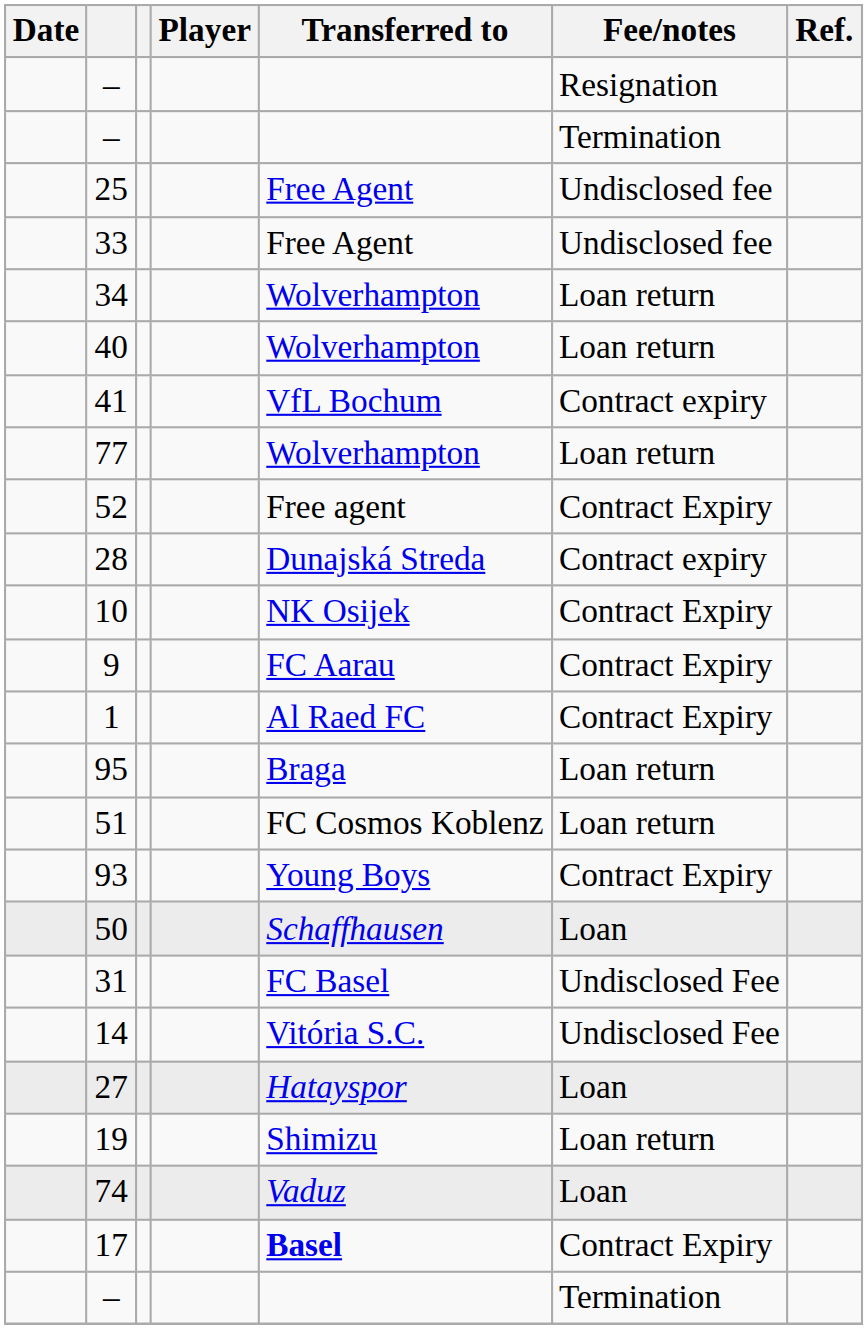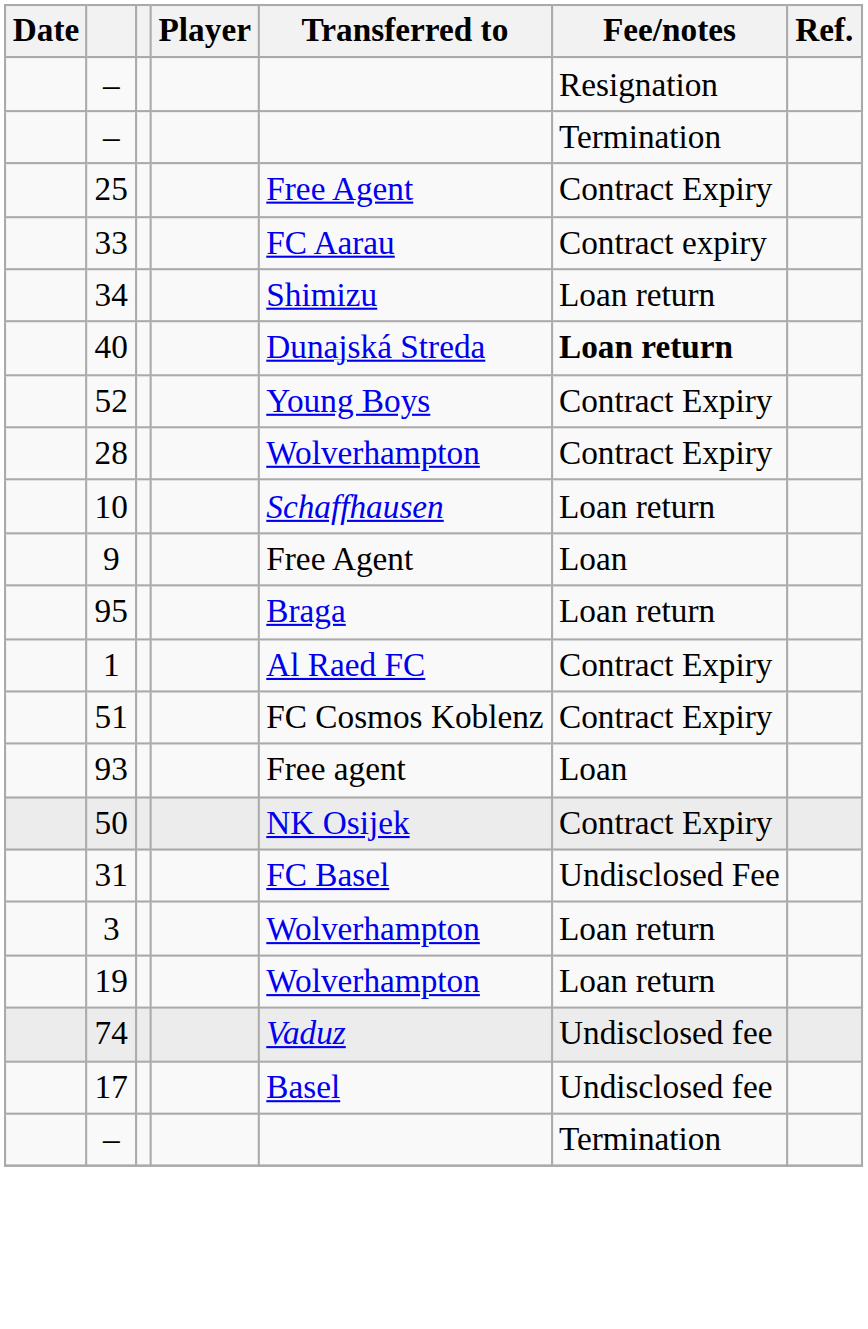 <table class="wikitable plainrowheaders sortable">
 <tr>
 <th scope=col>Date</th>
 <th></th>
 <th></th>
 <th scope=col>Player</th>
 <th>Transferred to</th>
 <th !scope=col>Fee/notes</th>
 <th scope=col>Ref.</th>
 </tr>
 <tr>
 <td></td>
 <td align=center>–</td>
 <td align=center></td>
 <td></td>
 <td></td>
 <td>Resignation</td>
 <td></td>
 </tr>
 <tr>
 <td></td>
 <td align=center>–</td>
 <td align=center></td>
 <td></td>
 <td></td>
 <td>Termination</td>
 <td></td>
 </tr>
 <tr>
 <td></td>
 <td align=center>25</td>
 <td align=center></td>
 <td></td>
 <td> <a href='#'>Free Agent</a></td>
-<td>Undisclosed fee</td>
+<td>Contract Expiry</td>
 <td></td>
 </tr>
 <tr>
 <td></td>
 <td align=center>33</td>
 <td align=center></td>
 <td></td>
-<td> Free Agent</td>
-<td>Undisclosed fee</td>
+<td> <a href='#'>FC Aarau</a></td>
+<td>Contract expiry</td>
 <td></td>
 </tr>
 <tr>
 <td></td>
 <td style="text-align:center">34</td>
 <td style="text-align:center"></td>
 <td></td>
-<td> <a href='#'>Wolverhampton</a></td>
+<td> <a href='#'>Shimizu</a></td>
 <td>Loan return</td>
 <td></td>
 </tr>
 <tr>
 <td></td>
 <td align=center>40</td>
 <td align=center></td>
 <td></td>
-<td> <a href='#'>Wolverhampton</a></td>
-<td>Loan return</td>
-<td></td>
-</tr>
-<tr>
-<td></td>
-<td align=center>41</td>
-<td align=center></td>
-<td></td>
-<td> <a href='#'>VfL Bochum</a></td>
-<td>Contract expiry</td>
-<td></td>
-</tr>
-<tr>
-<td></td>
-<td style="text-align:center">77</td>
-<td style="text-align:center"></td>
-<td></td>
-<td> <a href='#'>Wolverhampton</a></td>
-<td>Loan return</td>
+<td> <a href='#'>Dunajská Streda</a></td>
+<td><strong>Loan return</strong></td>
 <td></td>
 </tr>
 <tr>
 <td></td>
 <td align=center>52</td>
 <td align=center></td>
 <td></td>
-<td> Free agent</td>
+<td> <a href='#'>Young Boys</a></td>
 <td>Contract Expiry</td>
 <td></td>
 </tr>
 <tr>
 <td></td>
 <td align=center>28</td>
 <td align=center></td>
 <td></td>
-<td> <a href='#'>Dunajská Streda</a></td>
-<td>Contract expiry</td>
+<td> <a href='#'>Wolverhampton</a></td>
+<td>Contract Expiry</td>
 <td></td>
 </tr>
 <tr>
 <td></td>
 <td align=center>10</td>
 <td align=center></td>
 <td></td>
-<td> <a href='#'>NK Osijek</a></td>
-<td>Contract Expiry</td>
+<td> <em><a href='#'>Schaffhausen</a></em></td>
+<td>Loan return</td>
 <td></td>
 </tr>
 <tr>
 <td></td>
 <td align=center>9</td>
 <td align=center></td>
 <td></td>
-<td> <a href='#'>FC Aarau</a></td>
-<td>Contract Expiry</td>
+<td> Free Agent</td>
+<td>Loan</td>
+<td></td>
+</tr>
+<tr>
+<td></td>
+<td align=center>95</td>
+<td align=center></td>
+<td></td>
+<td> <a href='#'>Braga</a></td>
+<td>Loan return</td>
 <td></td>
 </tr>
 <tr>
 <td></td>
 <td align=center>1</td>
 <td align=center></td>
 <td></td>
 <td> <a href='#'>Al Raed FC</a></td>
 <td>Contract Expiry</td>
 <td></td>
 </tr>
 <tr>
 <td></td>
-<td align=center>95</td>
-<td align=center></td>
-<td></td>
-<td> <a href='#'>Braga</a></td>
-<td>Loan return</td>
-<td></td>
-</tr>
-<tr>
-<td></td>
 <td style="text-align:center">51</td>
 <td style="text-align:center"></td>
 <td></td>
 <td> FC Cosmos Koblenz</td>
-<td>Loan return</td>
+<td>Contract Expiry</td>
 <td></td>
 </tr>
 <tr>
 <td></td>
 <td align=center>93</td>
 <td align=center></td>
 <td></td>
-<td> <a href='#'>Young Boys</a></td>
-<td>Contract Expiry</td>
+<td> Free agent</td>
+<td>Loan</td>
 <td></td>
 </tr>
 <tr style="background:#ececec;">
 <td></td>
 <td style="text-align:center">50</td>
 <td style="text-align:center"></td>
 <td></td>
-<td> <em><a href='#'>Schaffhausen</a></em></td>
-<td>Loan</td>
+<td> <a href='#'>NK Osijek</a></td>
+<td>Contract Expiry</td>
 <td></td>
 </tr>
 <tr>
 <td></td>
 <td align=center>31</td>
 <td align=center></td>
 <td></td>
 <td> <a href='#'>FC Basel</a></td>
 <td>Undisclosed Fee</td>
 <td></td>
 </tr>
 <tr>
 <td></td>
-<td style="text-align:center">14</td>
-<td style="text-align:center"></td>
-<td></td>
-<td> <a href='#'>Vitória S.C.</a></td>
-<td>Undisclosed Fee</td>
-<td></td>
-</tr>
-<tr style="background:#ececec;">
-<td></td>
-<td align=center>27</td>
+<td align=center>3</td>
 <td align=center></td>
 <td></td>
-<td> <em><a href='#'>Hatayspor</a></em></td>
-<td>Loan</td>
+<td> <a href='#'>Wolverhampton</a></td>
+<td>Loan return</td>
 <td></td>
 </tr>
 <tr>
 <td></td>
 <td align=center>19</td>
 <td align=center></td>
 <td></td>
-<td> <a href='#'>Shimizu</a></td>
+<td> <a href='#'>Wolverhampton</a></td>
 <td>Loan return</td>
 <td></td>
 </tr>
 <tr style="background:#ececec;">
 <td></td>
 <td style="text-align:center">74</td>
 <td style="text-align:center"></td>
 <td></td>
 <td> <em><a href='#'>Vaduz</a></em></td>
-<td>Loan</td>
+<td>Undisclosed fee</td>
 <td></td>
 </tr>
 <tr>
 <td></td>
 <td align=center>17</td>
 <td align=center></td>
 <td></td>
-<td><strong> <a href='#'>Basel</a></strong></td>
-<td>Contract Expiry</td>
+<td> <a href='#'>Basel</a></td>
+<td>Undisclosed fee</td>
 <td></td>
 </tr>
 <tr>
 <td></td>
 <td align=center>–</td>
 <td align=center></td>
 <td></td>
 <td></td>
 <td>Termination</td>
 <td></td>
 </tr>
 <tr>
 </tr>
 </table>
